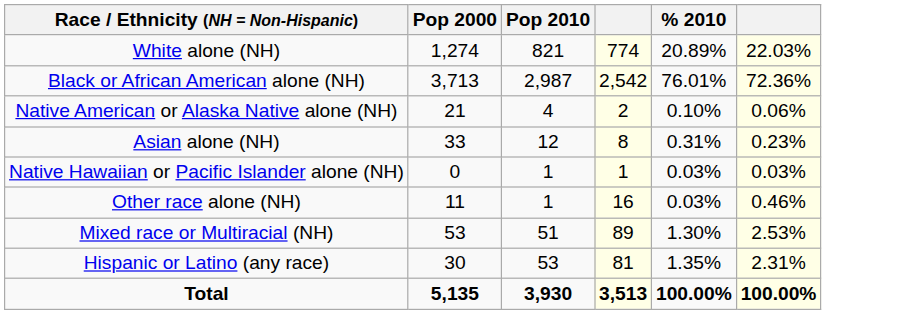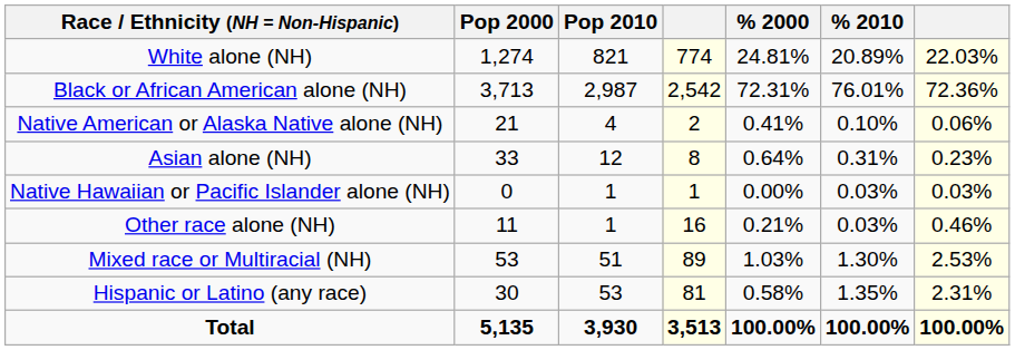 <table class="wikitable" style="text-align:center;">
 <tr>
 <th>Race / Ethnicity <small>(<em>NH = Non-Hispanic</em>)</small></th>
 <th>Pop 2000</th>
 <th>Pop 2010</th>
 <th></th>
+<th>% 2000</th>
 <th>% 2010</th>
 <th></th>
 </tr>
 <tr>
 <td><a href='#'>White</a> alone (NH)</td>
 <td>1,274</td>
 <td>821</td>
 <td style='background: #ffffe6;'>774</td>
+<td>24.81%</td>
 <td>20.89%</td>
 <td style='background: #ffffe6;'>22.03%</td>
 </tr>
 <tr>
 <td><a href='#'>Black or African American</a> alone (NH)</td>
 <td>3,713</td>
 <td>2,987</td>
 <td style='background: #ffffe6;'>2,542</td>
+<td>72.31%</td>
 <td>76.01%</td>
 <td style='background: #ffffe6;'>72.36%</td>
 </tr>
 <tr>
 <td><a href='#'>Native American</a> or <a href='#'>Alaska Native</a> alone (NH)</td>
 <td>21</td>
 <td>4</td>
 <td style='background: #ffffe6;'>2</td>
+<td>0.41%</td>
 <td>0.10%</td>
 <td style='background: #ffffe6;'>0.06%</td>
 </tr>
 <tr>
 <td><a href='#'>Asian</a> alone (NH)</td>
 <td>33</td>
 <td>12</td>
 <td style='background: #ffffe6;'>8</td>
+<td>0.64%</td>
 <td>0.31%</td>
 <td style='background: #ffffe6;'>0.23%</td>
 </tr>
 <tr>
 <td><a href='#'>Native Hawaiian</a> or <a href='#'>Pacific Islander</a> alone (NH)</td>
 <td>0</td>
 <td>1</td>
 <td style='background: #ffffe6;'>1</td>
+<td>0.00%</td>
 <td>0.03%</td>
 <td style='background: #ffffe6;'>0.03%</td>
 </tr>
 <tr>
 <td><a href='#'>Other race</a> alone (NH)</td>
 <td>11</td>
 <td>1</td>
 <td style='background: #ffffe6;'>16</td>
+<td>0.21%</td>
 <td>0.03%</td>
 <td style='background: #ffffe6;'>0.46%</td>
 </tr>
 <tr>
 <td><a href='#'>Mixed race or Multiracial</a> (NH)</td>
 <td>53</td>
 <td>51</td>
 <td style='background: #ffffe6;'>89</td>
+<td>1.03%</td>
 <td>1.30%</td>
 <td style='background: #ffffe6;'>2.53%</td>
 </tr>
 <tr>
 <td><a href='#'>Hispanic or Latino</a> (any race)</td>
 <td>30</td>
 <td>53</td>
 <td style='background: #ffffe6;'>81</td>
+<td>0.58%</td>
 <td>1.35%</td>
 <td style='background: #ffffe6;'>2.31%</td>
 </tr>
 <tr>
 <td><strong>Total</strong></td>
 <td><strong>5,135</strong></td>
 <td><strong>3,930</strong></td>
 <td style='background: #ffffe6;'><strong>3,513</strong></td>
 <td><strong>100.00%</strong></td>
+<td><strong>100.00%</strong></td>
 <td style='background: #ffffe6;'><strong>100.00%</strong></td>
 </tr>
 </table>
